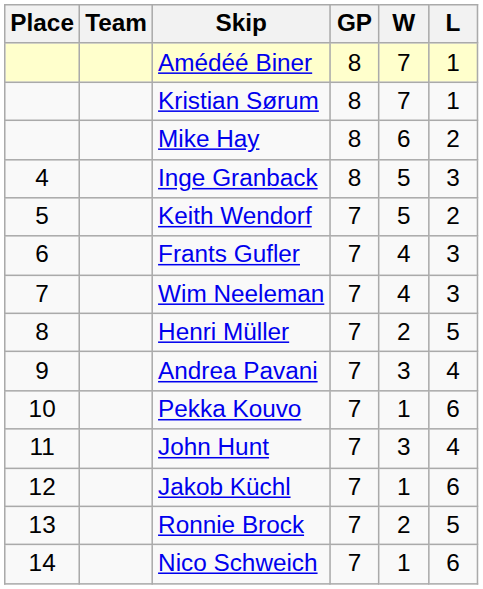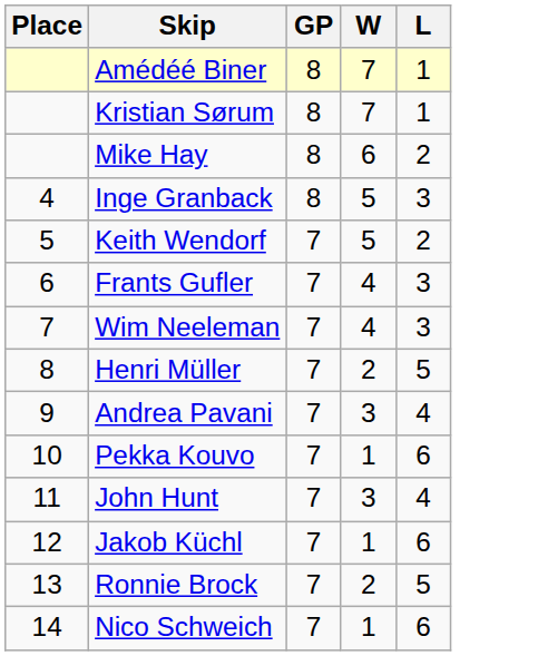 <table class="wikitable" style="text-align:center;">
 <tr>
 <th>Place</th>
-<th>Team</th>
 <th>Skip</th>
 <th width="25">GP</th>
 <th width="25">W</th>
 <th width="25">L</th>
 </tr>
 <tr bgcolor="#ffffcc">
 <td></td>
-<td align=left></td>
 <td align=left><a href='#'>Amédéé Biner</a></td>
 <td>8</td>
 <td>7</td>
 <td>1</td>
 </tr>
 <tr>
 <td></td>
-<td align=left></td>
 <td align=left><a href='#'>Kristian Sørum</a></td>
 <td>8</td>
 <td>7</td>
 <td>1</td>
 </tr>
 <tr>
 <td></td>
-<td align=left></td>
 <td align=left><a href='#'>Mike Hay</a></td>
 <td>8</td>
 <td>6</td>
 <td>2</td>
 </tr>
 <tr>
 <td>4</td>
-<td align=left></td>
 <td align=left><a href='#'>Inge Granback</a></td>
 <td>8</td>
 <td>5</td>
 <td>3</td>
 </tr>
 <tr>
 <td>5</td>
-<td align=left></td>
 <td align=left><a href='#'>Keith Wendorf</a></td>
 <td>7</td>
 <td>5</td>
 <td>2</td>
 </tr>
 <tr>
 <td>6</td>
-<td align=left></td>
 <td align=left><a href='#'>Frants Gufler</a></td>
 <td>7</td>
 <td>4</td>
 <td>3</td>
 </tr>
 <tr>
 <td>7</td>
-<td align=left></td>
 <td align=left><a href='#'>Wim Neeleman</a></td>
 <td>7</td>
 <td>4</td>
 <td>3</td>
 </tr>
 <tr>
 <td>8</td>
-<td align=left></td>
 <td align=left><a href='#'>Henri Müller</a></td>
 <td>7</td>
 <td>2</td>
 <td>5</td>
 </tr>
 <tr>
 <td>9</td>
-<td align=left></td>
 <td align=left><a href='#'>Andrea Pavani</a></td>
 <td>7</td>
 <td>3</td>
 <td>4</td>
 </tr>
 <tr>
 <td>10</td>
-<td align=left></td>
 <td align=left><a href='#'>Pekka Kouvo</a></td>
 <td>7</td>
 <td>1</td>
 <td>6</td>
 </tr>
 <tr>
 <td>11</td>
-<td align=left></td>
 <td align=left><a href='#'>John Hunt</a></td>
 <td>7</td>
 <td>3</td>
 <td>4</td>
 </tr>
 <tr>
 <td>12</td>
-<td align=left></td>
 <td align=left><a href='#'>Jakob Küchl</a></td>
 <td>7</td>
 <td>1</td>
 <td>6</td>
 </tr>
 <tr>
 <td>13</td>
-<td align=left></td>
 <td align=left><a href='#'>Ronnie Brock</a></td>
 <td>7</td>
 <td>2</td>
 <td>5</td>
 </tr>
 <tr>
 <td>14</td>
-<td align=left></td>
 <td align=left><a href='#'>Nico Schweich</a></td>
 <td>7</td>
 <td>1</td>
 <td>6</td>
 </tr>
 </table>
